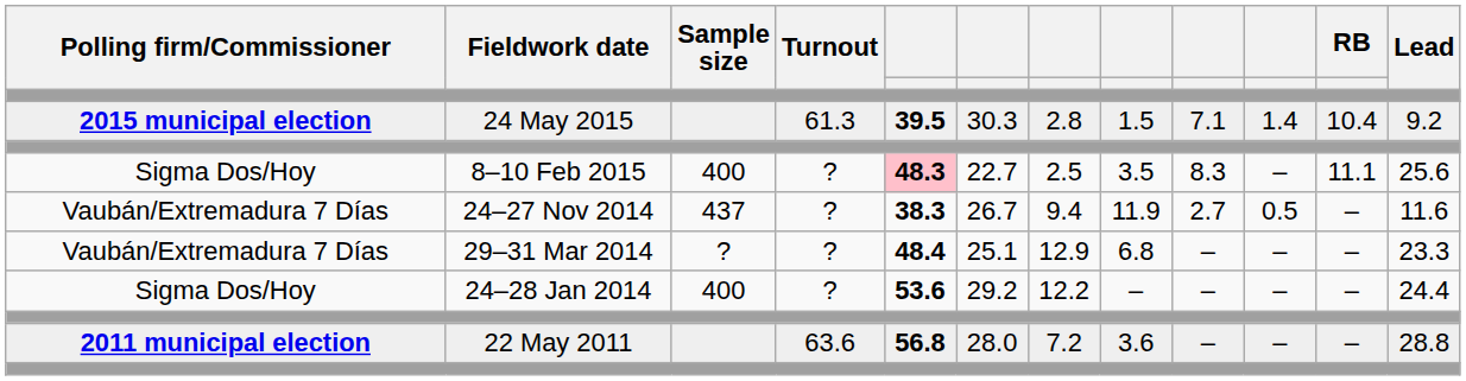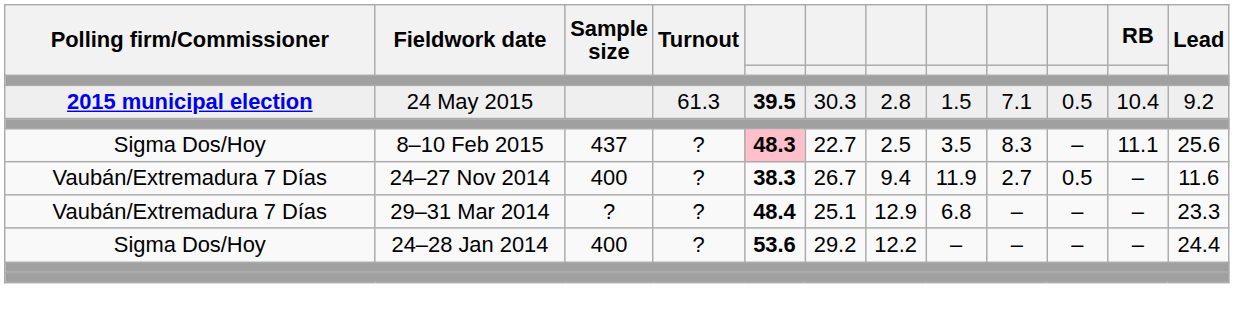 <table class="wikitable collapsible collapsed" style="text-align:center; font-size:95%; line-height:16px;">
 <tr style="height:42px;">
 <th style="width:250px;" rowspan="2">Polling firm/Commissioner</th>
 <th style="width:125px;" rowspan="2">Fieldwork date</th>
 <th style="width:50px;" rowspan="2">Sample size</th>
 <th style="width:45px;" rowspan="2">Turnout</th>
 <th style="width:35px;"></th>
 <th style="width:35px;"></th>
 <th style="width:35px;"></th>
 <th style="width:35px;"></th>
 <th style="width:35px;"></th>
 <th style="width:35px;"></th>
 <th style="width:35px;">RB</th>
 <th style="width:30px;" rowspan="2">Lead</th>
 </tr>
 <tr>
 <th style="color:inherit;background:"></th>
 <th style="color:inherit;background:"></th>
 <th style="color:inherit;background:"></th>
 <th style="color:inherit;background:"></th>
 <th style="color:inherit;background:"></th>
 <th style="color:inherit;background:"></th>
 <th style="color:inherit;background:"></th>
 </tr>
 <tr>
 <td colspan="12" style="background:#A0A0A0"></td>
 </tr>
 <tr style="background:#EFEFEF;">
 <td><strong><a href='#'>2015 municipal election</a></strong></td>
 <td>24 May 2015</td>
 <td></td>
 <td>61.3</td>
 <td><strong>39.5</strong><br></td>
 <td>30.3<br></td>
 <td>2.8<br></td>
 <td>1.5<br></td>
 <td>7.1<br></td>
-<td>1.4<br></td>
+<td>0.5<br></td>
 <td>10.4<br></td>
 <td style="background:">9.2</td>
 </tr>
 <tr>
 <td colspan="12" style="background:#A0A0A0"></td>
 </tr>
 <tr>
 <td>Sigma Dos/Hoy</td>
 <td>8–10 Feb 2015</td>
-<td>400</td>
+<td>437</td>
 <td>?</td>
 <td style="background: pink;"><strong>48.3</strong><br></td>
 <td>22.7<br></td>
 <td>2.5<br></td>
 <td>3.5<br></td>
 <td>8.3<br></td>
 <td>–</td>
 <td>11.1<br></td>
 <td style="background:">25.6</td>
 </tr>
 <tr>
 <td>Vaubán/Extremadura 7 Días</td>
 <td>24–27 Nov 2014</td>
-<td>437</td>
+<td>400</td>
 <td>?</td>
 <td><strong>38.3</strong><br></td>
 <td>26.7<br></td>
 <td>9.4<br></td>
 <td>11.9<br></td>
 <td>2.7<br></td>
 <td>0.5<br></td>
 <td>–</td>
 <td style="background:">11.6</td>
 </tr>
 <tr>
 <td>Vaubán/Extremadura 7 Días</td>
 <td>29–31 Mar 2014</td>
 <td>?</td>
 <td>?</td>
 <td><strong>48.4</strong></td>
 <td>25.1</td>
 <td>12.9</td>
 <td>6.8</td>
 <td>–</td>
 <td>–</td>
 <td>–</td>
 <td style="background:">23.3</td>
 </tr>
 <tr>
 <td>Sigma Dos/Hoy</td>
 <td>24–28 Jan 2014</td>
 <td>400</td>
 <td>?</td>
 <td><strong>53.6</strong><br></td>
 <td>29.2<br></td>
 <td>12.2<br></td>
 <td>–</td>
 <td>–</td>
 <td>–</td>
 <td>–</td>
 <td style="background:">24.4</td>
 </tr>
 <tr>
 <td colspan="12" style="background:#A0A0A0"></td>
 </tr>
-<tr style="background:#EFEFEF;">
-<td><strong><a href='#'>2011 municipal election</a></strong></td>
-<td>22 May 2011</td>
-<td></td>
-<td>63.6</td>
-<td><strong>56.8</strong><br></td>
-<td>28.0<br></td>
-<td>7.2<br></td>
-<td>3.6<br></td>
-<td>–</td>
-<td>–</td>
-<td>–</td>
-<td style="background:">28.8</td>
-</tr>
 <tr>
 <td colspan="12" style="background:#A0A0A0"></td>
 </tr>
 </table>
